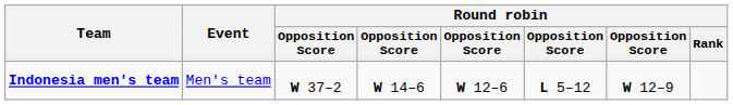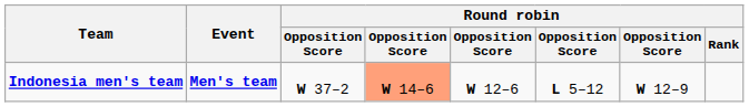 <table class="wikitable" style="font-size:85%">
 <tr>
 <th rowspan=2>Team</th>
 <th rowspan=2>Event</th>
 <th colspan=6>Round robin</th>
 </tr>
 <tr style="font-size:90%">
 <th>Opposition<br>Score</th>
 <th>Opposition<br>Score</th>
 <th>Opposition<br>Score</th>
 <th>Opposition<br>Score</th>
 <th>Opposition<br>Score</th>
 <th>Rank</th>
 </tr>
 <tr align=center>
 <td align=left><strong><a href='#'>Indonesia men's team</a></strong></td>
-<td align=left><a href='#'>Men's team</a></td>
+<td align=left><strong><a href='#'>Men's team</a></strong></td>
 <td><br><strong>W</strong> 37–2</td>
-<td><br><strong>W</strong> 14–6</td>
+<td style="background: lightsalmon;"><br><strong>W</strong> 14–6</td>
 <td><br><strong>W</strong> 12–6</td>
 <td><br><strong>L</strong> 5–12</td>
 <td><br><strong>W</strong> 12–9</td>
 <td></td>
 </tr>
 </table>
